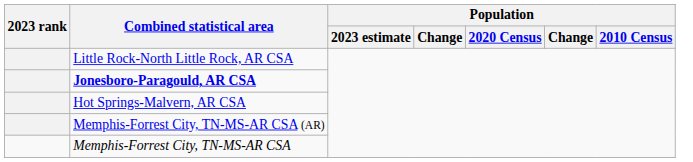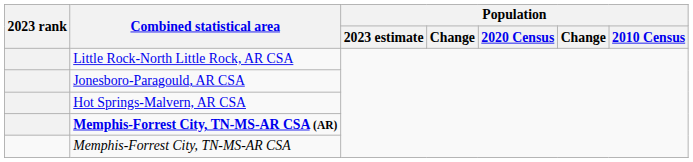 <table class="wikitable sortable">
 <tr>
 <th scope=col rowspan=2>2023 rank</th>
 <th scope=col rowspan=2><a href='#'>Combined statistical area</a></th>
 <th colspan=5>Population</th>
 </tr>
 <tr>
 <th scope=col>2023 estimate</th>
 <th scope=col>Change</th>
 <th scope=col><a href='#'>2020 Census</a></th>
 <th scope=col>Change</th>
 <th scope=col><a href='#'>2010 Census</a></th>
 </tr>
 <tr>
 <th scope=row></th>
 <td><a href='#'>Little Rock-North Little Rock, AR CSA</a><br></td>
 </tr>
 <tr>
 <th scope=row></th>
-<td><strong><a href='#'>Jonesboro-Paragould, AR CSA</a><br></strong></td>
+<td><a href='#'>Jonesboro-Paragould, AR CSA</a><br></td>
 </tr>
 <tr>
 <th scope=row></th>
 <td><a href='#'>Hot Springs-Malvern, AR CSA</a><br></td>
 </tr>
 <tr>
 <th scope=row></th>
-<td><a href='#'>Memphis-Forrest City, TN-MS-AR CSA</a> <small>(AR)</small><br></td>
+<td><strong><a href='#'>Memphis-Forrest City, TN-MS-AR CSA</a> <small>(AR)</small><br></strong></td>
 </tr>
 <tr>
 <td></td>
 <td><em><span>Memphis-Forrest City, TN-MS-AR CSA</span></em><br></td>
 </tr>
 </table>
